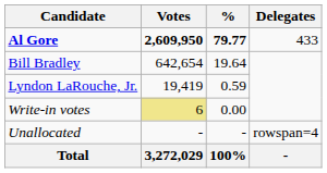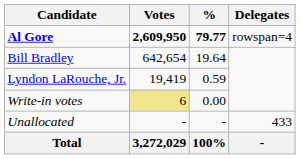 <table class="wikitable sortable" style="text-align:right;">
 <tr>
 <th>Candidate</th>
 <th>Votes</th>
 <th>%</th>
 <th>Delegates</th>
 </tr>
 <tr>
 <td style="text-align:left;" data-sort-value="Gore, Al"><strong><a href='#'>Al Gore</a></strong></td>
 <td><strong>2,609,950</strong></td>
 <td><strong>79.77</strong></td>
-<td>433</td>
+<td>rowspan=4 </td>
 </tr>
 <tr>
 <td style="text-align:left;" data-sort-value="Bradley, Bill"><a href='#'>Bill Bradley</a></td>
 <td>642,654</td>
 <td>19.64</td>
 </tr>
 <tr>
 <td style="text-align:left;" data-sort-value="LaRouche, Jr., Lyndon"><a href='#'>Lyndon LaRouche, Jr.</a></td>
 <td>19,419</td>
 <td>0.59</td>
 </tr>
 <tr>
 <td style="text-align:left;" data-sort-value="ZZZ"><em>Write-in votes</em></td>
 <td style="background: khaki;">6</td>
 <td>0.00</td>
 </tr>
 <tr>
 <td style="text-align:left;" data-sort-value="ZZZ"><em>Unallocated</em></td>
 <td>-</td>
 <td>-</td>
-<td>rowspan=4 </td>
+<td>433</td>
 </tr>
 <tr>
 <th>Total</th>
 <th>3,272,029</th>
 <th>100%</th>
 <th>-</th>
 </tr>
 </table>
